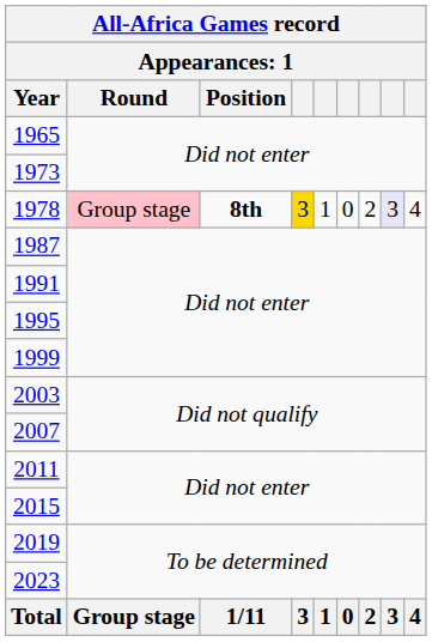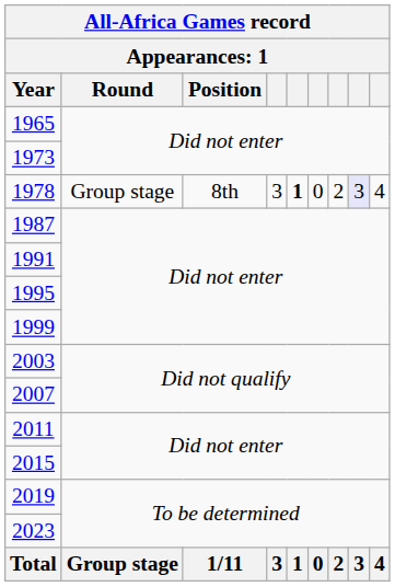 <table class="wikitable" style="text-align: center;">
 <tr>
 <th colspan=9><a href='#'>All-Africa Games</a> record</th>
 </tr>
 <tr>
 <th colspan=9>Appearances: 1</th>
 </tr>
 <tr>
 <th>Year</th>
 <th>Round</th>
 <th>Position</th>
 <th></th>
 <th></th>
 <th></th>
 <th></th>
 <th></th>
 <th></th>
 </tr>
 <tr>
 <td> <a href='#'>1965</a></td>
 <td colspan=8 rowspan=2><em>Did not enter</em></td>
 </tr>
 <tr>
 <td> <a href='#'>1973</a></td>
 </tr>
 <tr>
 <td> <a href='#'>1978</a></td>
-<td style="background: pink;">Group stage </td>
-<td><strong>8th</strong></td>
-<td style="background: gold;">3</td>
-<td>1</td>
+<td>Group stage </td>
+<td>8th</td>
+<td>3</td>
+<td><strong>1</strong></td>
 <td>0</td>
 <td>2</td>
 <td style="background: lavender;">3</td>
 <td>4</td>
 </tr>
 <tr>
 <td> <a href='#'>1987</a></td>
 <td colspan=8 rowspan=4><em>Did not enter</em></td>
 </tr>
 <tr>
 <td> <a href='#'>1991</a></td>
 </tr>
 <tr>
 <td> <a href='#'>1995</a></td>
 </tr>
 <tr>
 <td> <a href='#'>1999</a></td>
 </tr>
 <tr>
 <td> <a href='#'>2003</a></td>
 <td colspan=8 rowspan=2><em>Did not qualify</em></td>
 </tr>
 <tr>
 <td> <a href='#'>2007</a></td>
 </tr>
 <tr>
 <td> <a href='#'>2011</a></td>
 <td colspan=8 rowspan=2><em>Did not enter</em></td>
 </tr>
 <tr>
 <td> <a href='#'>2015</a></td>
 </tr>
 <tr>
 <td> <a href='#'>2019</a></td>
 <td colspan=8 rowspan=2><em>To be determined</em></td>
 </tr>
 <tr>
 <td> <a href='#'>2023</a></td>
 </tr>
 <tr>
 <th>Total</th>
 <th>Group stage</th>
 <th>1/11</th>
 <th>3</th>
 <th>1</th>
 <th>0</th>
 <th>2</th>
 <th>3</th>
 <th>4</th>
 </tr>
 </table>
